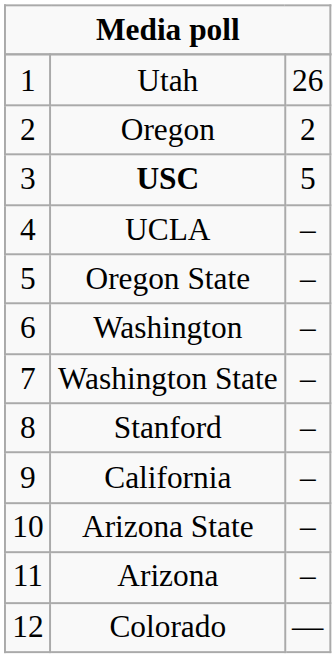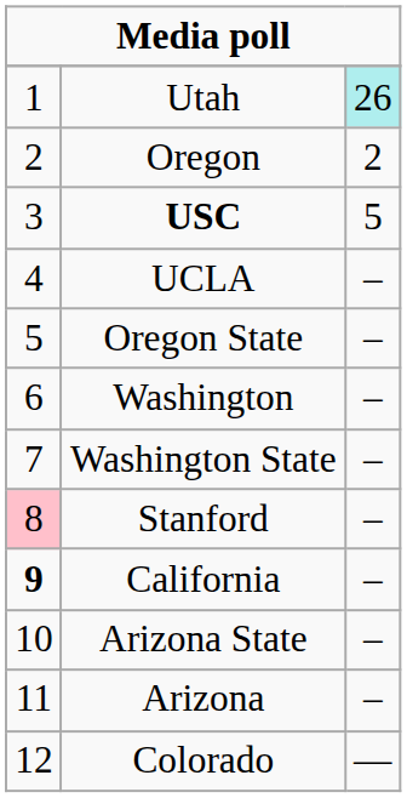 <table class="wikitable" style="display: inline-table;">
 <tr>
 <td align="center" Colspan="3"><strong>Media poll</strong></td>
 </tr>
 <tr align="center">
 </tr>
 <tr align="center">
 <td>1</td>
 <td>Utah</td>
-<td>26</td>
+<td style="background: paleturquoise;">26</td>
 </tr>
 <tr align="center">
 <td>2</td>
 <td>Oregon</td>
 <td>2</td>
 </tr>
 <tr align="center">
 <td>3</td>
 <td><strong>USC</strong></td>
 <td>5</td>
 </tr>
 <tr align="center">
 <td>4</td>
 <td>UCLA</td>
 <td>–</td>
 </tr>
 <tr align="center">
 <td>5</td>
 <td>Oregon State</td>
 <td>–</td>
 </tr>
 <tr align="center">
 <td>6</td>
 <td>Washington</td>
 <td>–</td>
 </tr>
 <tr align="center">
 <td>7</td>
 <td>Washington State</td>
 <td>–</td>
 </tr>
 <tr align="center">
-<td>8</td>
+<td style="background: pink;">8</td>
 <td>Stanford</td>
 <td>–</td>
 </tr>
 <tr align="center">
-<td>9</td>
+<td><strong>9</strong></td>
 <td>California</td>
 <td>–</td>
 </tr>
 <tr align="center">
 <td>10</td>
 <td>Arizona State</td>
 <td>–</td>
 </tr>
 <tr align="center">
 <td>11</td>
 <td>Arizona</td>
 <td>–</td>
 </tr>
 <tr align="center">
 <td>12</td>
 <td>Colorado</td>
 <td>—</td>
 </tr>
 </table>
